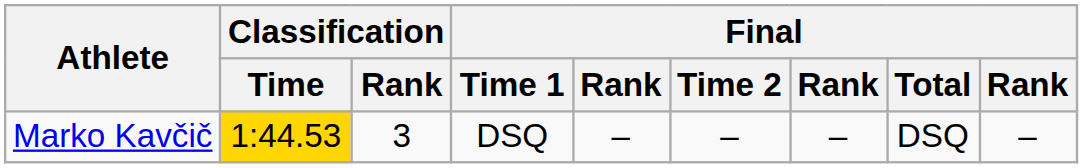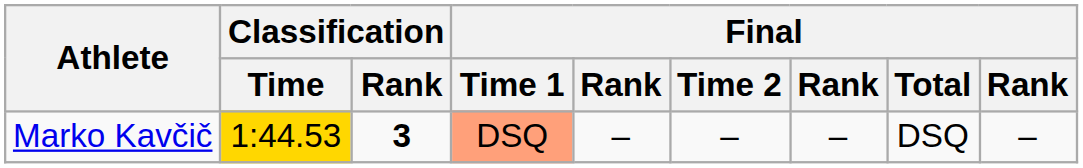 <table class="wikitable" style="font-size:90%">
 <tr>
 <th rowspan="2">Athlete</th>
 <th colspan="2">Classification</th>
 <th colspan="6">Final</th>
 </tr>
 <tr>
 <th>Time</th>
 <th>Rank</th>
 <th>Time 1</th>
 <th>Rank</th>
 <th>Time 2</th>
 <th>Rank</th>
 <th>Total</th>
 <th>Rank</th>
 </tr>
 <tr>
 <td><a href='#'>Marko Kavčič</a></td>
 <td align="center" style="background: gold;">1:44.53</td>
-<td align="center">3</td>
-<td align="center">DSQ</td>
+<td align="center"><strong>3</strong></td>
+<td align="center" style="background: lightsalmon;">DSQ</td>
 <td align="center">–</td>
 <td align="center">–</td>
 <td align="center">–</td>
 <td align="center">DSQ</td>
 <td align="center">–</td>
 </tr>
 </table>
